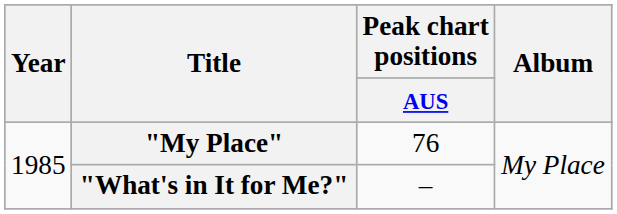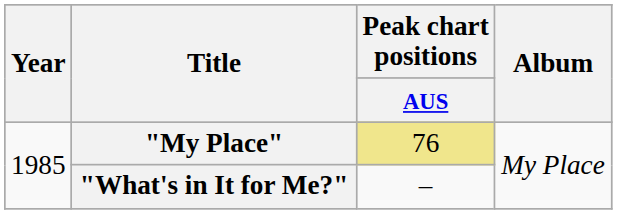 <table class="wikitable plainrowheaders" style="text-align:center;" border="1">
 <tr>
 <th scope="col" rowspan="2">Year</th>
 <th scope="col" rowspan="2" style="width:10em;">Title</th>
 <th scope="col" colspan="1">Peak chart<br>positions</th>
 <th scope="col" rowspan="2">Album</th>
 </tr>
 <tr>
 <th scope="col" style="text-align:center;"><small><a href='#'>AUS</a></small><br></th>
 </tr>
 <tr>
 <td rowspan="2">1985</td>
 <th scope="row">"My Place"</th>
-<td style="text-align:center;">76</td>
+<td style="background: khaki; text-align:center;">76</td>
 <td rowspan="2"><em>My Place</em></td>
 </tr>
 <tr>
 <th scope="row">"What's in It for Me?"</th>
 <td style="text-align:center;">–</td>
 </tr>
 </table>
